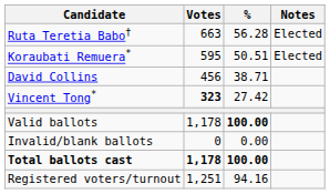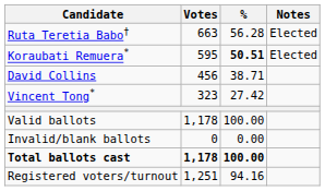 <table class=wikitable style=text-align:right>
 <tr>
 <th>Candidate</th>
 <th>Votes</th>
 <th>%</th>
 <th>Notes</th>
 </tr>
 <tr>
 <td align=left><a href='#'>Ruta Teretia Babo</a><sup>†</sup></td>
 <td>663</td>
 <td>56.28</td>
 <td>Elected</td>
 </tr>
 <tr>
 <td align=left><a href='#'>Koraubati Remuera</a><sup>*</sup></td>
 <td>595</td>
-<td>50.51</td>
+<td><strong>50.51</strong></td>
 <td>Elected</td>
 </tr>
 <tr>
 <td align=left><a href='#'>David Collins</a></td>
 <td>456</td>
 <td>38.71</td>
 <td></td>
 </tr>
 <tr>
 <td align=left><a href='#'>Vincent Tong</a><sup>*</sup></td>
-<td><strong>323</strong></td>
+<td>323</td>
 <td>27.42</td>
 <td></td>
 </tr>
 <tr>
 <th colspan=6></th>
 </tr>
 <tr>
 <td align=left>Valid ballots</td>
 <td>1,178</td>
-<td><strong>100.00</strong></td>
+<td>100.00</td>
 <td></td>
 </tr>
 <tr>
 <td align=left>Invalid/blank ballots</td>
 <td>0</td>
 <td>0.00</td>
 <td></td>
 </tr>
 <tr style="font-weight:bold">
 <td align=left>Total ballots cast</td>
 <td>1,178</td>
 <td>100.00</td>
 <td></td>
 </tr>
 <tr>
 <td align=left>Registered voters/turnout</td>
 <td>1,251</td>
 <td>94.16</td>
 <td></td>
 </tr>
 </table>
